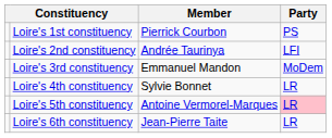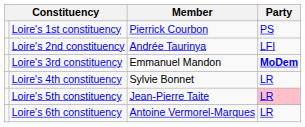 <table class="wikitable">
 <tr>
 <th colspan="2">Constituency</th>
 <th>Member</th>
 <th>Party</th>
 </tr>
 <tr>
 <td style="background-color: "></td>
 <td><a href='#'>Loire's 1st constituency</a></td>
 <td><a href='#'>Pierrick Courbon</a></td>
 <td><a href='#'>PS</a></td>
 </tr>
 <tr>
 <td style="background-color: "></td>
 <td><a href='#'>Loire's 2nd constituency</a></td>
 <td><a href='#'>Andrée Taurinya</a></td>
 <td><a href='#'>LFI</a></td>
 </tr>
 <tr>
 <td style="background-color: "></td>
 <td><a href='#'>Loire's 3rd constituency</a></td>
 <td>Emmanuel Mandon</td>
-<td><a href='#'>MoDem</a></td>
+<td><strong><a href='#'>MoDem</a></strong></td>
 </tr>
 <tr>
 <td style="background-color: "></td>
 <td><a href='#'>Loire's 4th constituency</a></td>
 <td>Sylvie Bonnet</td>
 <td><a href='#'>LR</a></td>
 </tr>
 <tr>
 <td style="background-color: "></td>
 <td><a href='#'>Loire's 5th constituency</a></td>
-<td><a href='#'>Antoine Vermorel-Marques</a></td>
+<td><a href='#'>Jean-Pierre Taite</a></td>
 <td style="background: pink;"><a href='#'>LR</a></td>
 </tr>
 <tr>
 <td style="background-color: "></td>
 <td><a href='#'>Loire's 6th constituency</a></td>
-<td><a href='#'>Jean-Pierre Taite</a></td>
+<td><a href='#'>Antoine Vermorel-Marques</a></td>
 <td><a href='#'>LR</a></td>
 </tr>
 </table>
